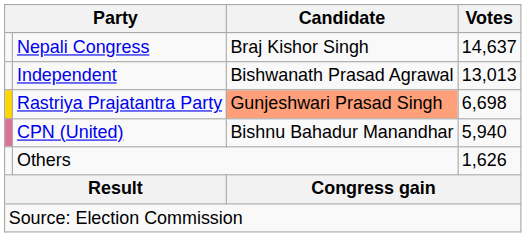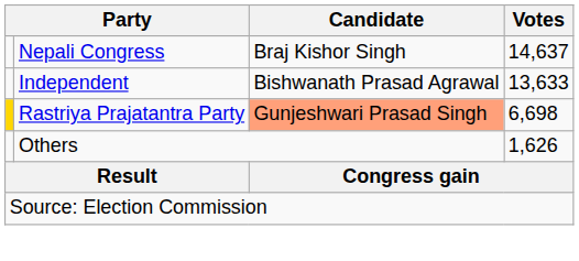 <table class="wikitable">
 <tr>
 <th colspan="2">Party</th>
 <th>Candidate</th>
 <th>Votes</th>
 </tr>
 <tr>
 <td style="background-color:"></td>
 <td><a href='#'>Nepali Congress</a></td>
 <td>Braj Kishor Singh</td>
 <td>14,637</td>
 </tr>
 <tr>
 <td style="background-color:"></td>
 <td><a href='#'>Independent</a></td>
 <td>Bishwanath Prasad Agrawal</td>
-<td>13,013</td>
+<td>13,633</td>
 </tr>
 <tr>
 <td style="background-color:gold"></td>
 <td><a href='#'>Rastriya Prajatantra Party</a></td>
 <td style="background: lightsalmon;">Gunjeshwari Prasad Singh</td>
 <td>6,698</td>
-</tr>
-<tr>
-<td style="background-color:palevioletred"></td>
-<td><a href='#'>CPN (United)</a></td>
-<td>Bishnu Bahadur Manandhar</td>
-<td>5,940</td>
 </tr>
 <tr>
 <td></td>
 <td colspan="2">Others</td>
 <td>1,626</td>
 </tr>
 <tr>
 <th colspan="2">Result</th>
 <th colspan="2">Congress gain</th>
 </tr>
 <tr>
 <td colspan="4">Source: Election Commission</td>
 </tr>
 </table>
